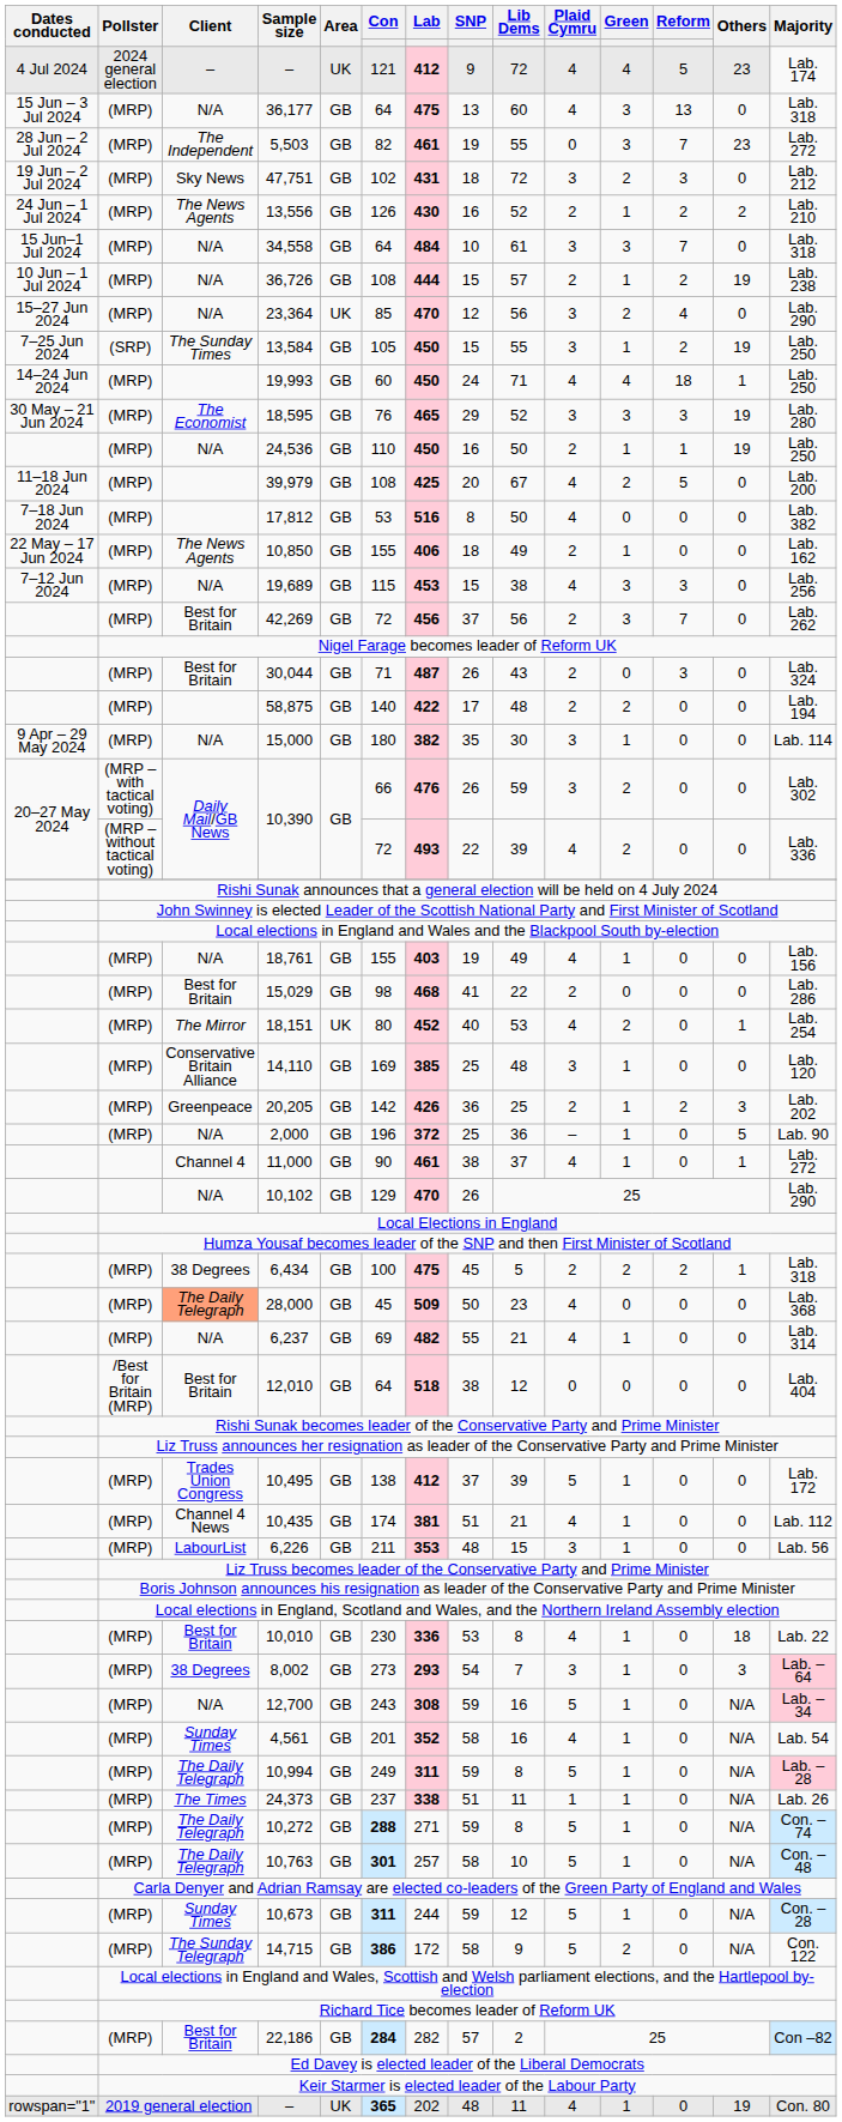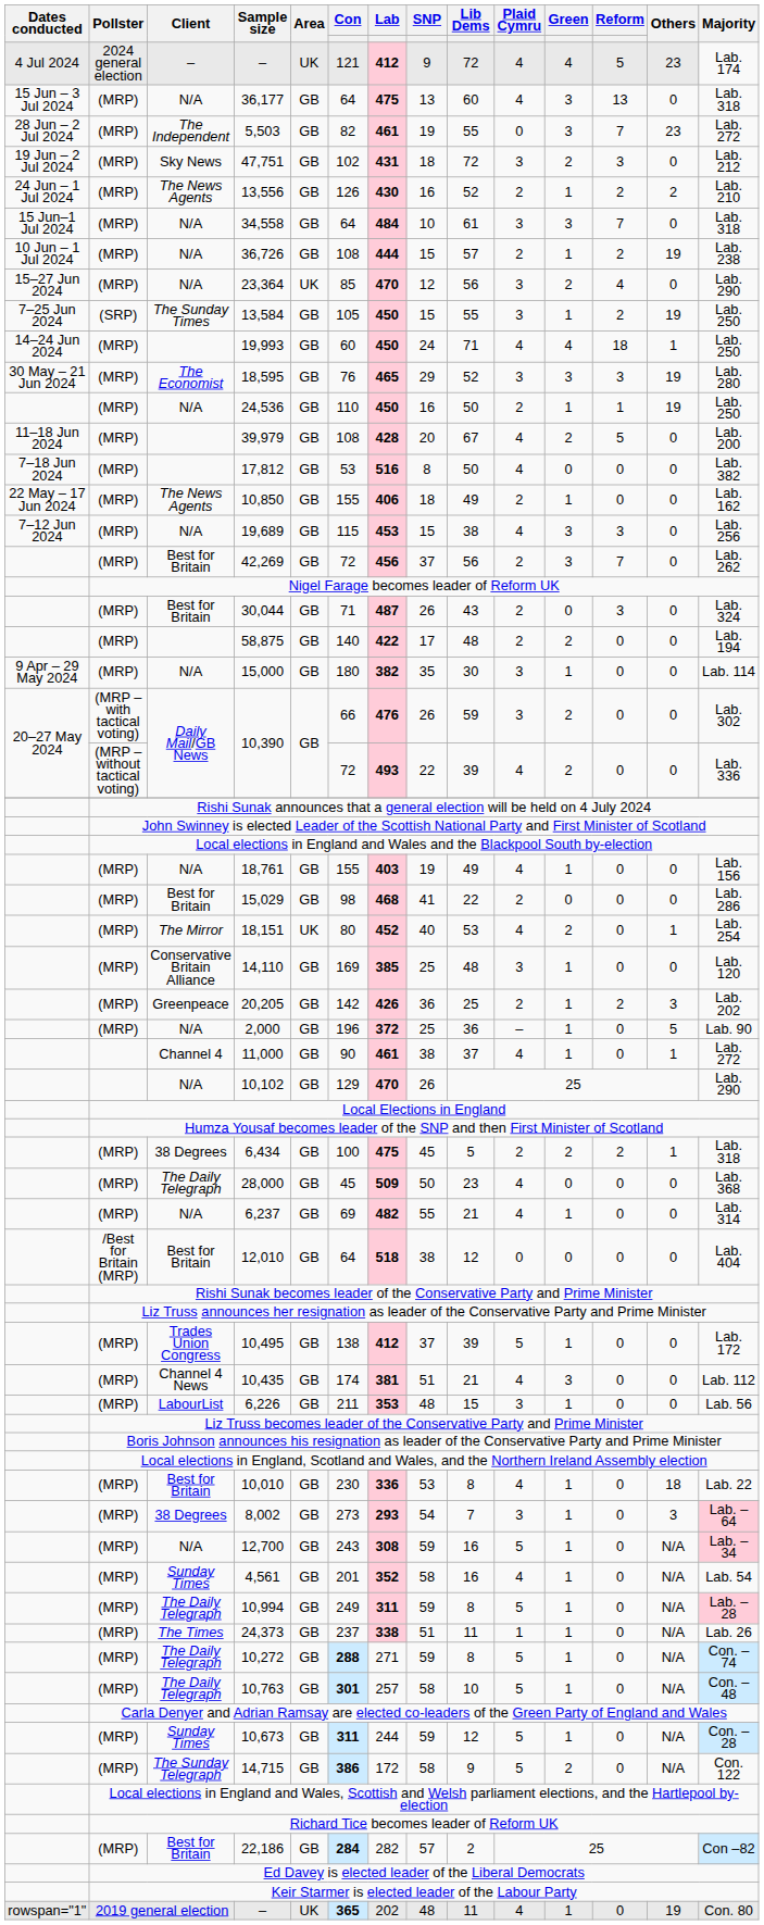 <table class="wikitable sortable mw-datatable" style="text-align:center;  line-height:14px;">
 <tr>
 <th rowspan="2">Dates<br>conducted</th>
 <th rowspan="2">Pollster</th>
 <th rowspan="2">Client</th>
 <th rowspan="2" data-sort-type="number">Sample<br>size</th>
 <th rowspan="2">Area</th>
 <th class="unsortable" style="width:50px;"><a href='#'>Con</a></th>
 <th class="unsortable" style="width:50px;"><a href='#'>Lab</a></th>
 <th class="unsortable" style="width:50px;"><a href='#'>SNP</a></th>
 <th class="unsortable" style="width:50px;"><a href='#'>Lib Dems</a></th>
 <th class="unsortable" style="width:50px;"><a href='#'>Plaid Cymru</a></th>
 <th class="unsortable" style="width:50px;"><a href='#'>Green</a></th>
 <th class="unsortable"><a href='#'>Reform</a></th>
 <th rowspan="2" class="unsortable">Others</th>
 <th rowspan="2" data-sort-type="number">Majority</th>
 </tr>
 <tr>
 <th data-sort-type="number" style="background:"></th>
 <th data-sort-type="number" style="background:"></th>
 <th data-sort-type="number" style="background:"></th>
 <th data-sort-type="number" style="background:"></th>
 <th data-sort-type="number" style="background:"></th>
 <th data-sort-type="number" style="background:"></th>
 <th data-sort-type="number" style="background:"></th>
 </tr>
 <tr>
 <td style="background:#e9e9e9;">4 Jul 2024</td>
 <td style="background:#e9e9e9;">2024 general election</td>
 <td style="background:#e9e9e9;">–</td>
 <td style="background:#e9e9e9;">–</td>
 <td style="background:#e9e9e9;">UK</td>
 <td style="background:#e9e9e9;">121</td>
 <td style="background:#ffccd9;"><strong>412</strong></td>
 <td style="background:#e9e9e9;">9</td>
 <td style="background:#e9e9e9;">72</td>
 <td style="background:#e9e9e9;">4</td>
 <td style="background:#e9e9e9;">4</td>
 <td style="background:#e9e9e9;">5</td>
 <td style="background:#e9e9e9;">23</td>
 <td style="background:">Lab. 174</td>
 </tr>
 <tr>
 <td data-sort-value="2024-07-03">15 Jun – 3 Jul 2024</td>
 <td> (MRP)</td>
 <td>N/A</td>
 <td>36,177</td>
 <td>GB</td>
 <td>64</td>
 <td style="background:#ffccd9;"><strong>475</strong></td>
 <td>13</td>
 <td>60</td>
 <td>4</td>
 <td>3</td>
 <td>13</td>
 <td>0</td>
 <td style="background:">Lab. 318</td>
 </tr>
 <tr>
 <td data-sort-value="2024-07-03">28 Jun – 2 Jul 2024</td>
 <td> (MRP)</td>
 <td><em>The Independent</em></td>
 <td>5,503</td>
 <td>GB</td>
 <td>82</td>
 <td style="background:#ffccd9;"><strong>461</strong></td>
 <td>19</td>
 <td>55</td>
 <td>0</td>
 <td>3</td>
 <td>7</td>
 <td>23</td>
 <td style="background:">Lab. 272</td>
 </tr>
 <tr>
 <td data-sort-value="2024-07-02">19 Jun – 2 Jul 2024</td>
 <td> (MRP)</td>
 <td>Sky News</td>
 <td>47,751</td>
 <td>GB</td>
 <td>102</td>
 <td style="background:#ffccd9;"><strong>431</strong></td>
 <td>18</td>
 <td>72</td>
 <td>3</td>
 <td>2</td>
 <td>3</td>
 <td>0</td>
 <td style="background:">Lab. 212</td>
 </tr>
 <tr>
 <td data-sort-value="2024-07-101">24 Jun – 1 Jul 2024</td>
 <td> (MRP)</td>
 <td><em>The News Agents</em></td>
 <td>13,556</td>
 <td>GB</td>
 <td>126</td>
 <td style="background:#ffccd9;"><strong>430</strong></td>
 <td>16</td>
 <td>52</td>
 <td>2</td>
 <td>1</td>
 <td>2</td>
 <td>2</td>
 <td style="background:">Lab. 210</td>
 </tr>
 <tr>
 <td data-sort-value="2024-07-02">15 Jun–1 Jul 2024</td>
 <td> (MRP)</td>
 <td>N/A</td>
 <td>34,558</td>
 <td>GB</td>
 <td>64</td>
 <td style="background:#ffccd9;"><strong>484</strong></td>
 <td>10</td>
 <td>61</td>
 <td>3</td>
 <td>3</td>
 <td>7</td>
 <td>0</td>
 <td style="background:">Lab. 318</td>
 </tr>
 <tr>
 <td data-sort-value="2024-07-01">10 Jun – 1 Jul 2024</td>
 <td> (MRP)</td>
 <td>N/A</td>
 <td>36,726</td>
 <td>GB</td>
 <td>108</td>
 <td style="background:#ffccd9;"><strong>444</strong></td>
 <td>15</td>
 <td>57</td>
 <td>2</td>
 <td>1</td>
 <td>2</td>
 <td>19</td>
 <td style="background:">Lab. 238</td>
 </tr>
 <tr>
 <td data-sort-value="2024-06-28">15–27 Jun 2024</td>
 <td> (MRP)</td>
 <td>N/A</td>
 <td>23,364</td>
 <td>UK</td>
 <td>85</td>
 <td style="background:#ffccd9;"><strong>470</strong></td>
 <td>12</td>
 <td>56</td>
 <td>3</td>
 <td>2</td>
 <td>4</td>
 <td>0</td>
 <td style="background:">Lab. 290</td>
 </tr>
 <tr>
 <td data-sort-value="2024-06-25">7–25 Jun 2024</td>
 <td> (SRP)</td>
 <td><em>The Sunday Times</em></td>
 <td>13,584</td>
 <td>GB</td>
 <td>105</td>
 <td style="background:#ffccd9;"><strong>450</strong></td>
 <td>15</td>
 <td>55</td>
 <td>3</td>
 <td>1</td>
 <td>2</td>
 <td>19</td>
 <td style="background:">Lab. 250</td>
 </tr>
 <tr>
 <td data-sort-value="2024-06-24">14–24 Jun 2024</td>
 <td> (MRP)</td>
 <td><em></em></td>
 <td>19,993</td>
 <td>GB</td>
 <td>60</td>
 <td style="background:#ffccd9;"><strong>450</strong></td>
 <td>24</td>
 <td>71</td>
 <td>4</td>
 <td>4</td>
 <td>18</td>
 <td>1</td>
 <td style="background:">Lab. 250</td>
 </tr>
 <tr>
 <td data-sort-value="2024-06-21">30 May – 21 Jun 2024</td>
 <td> (MRP)</td>
 <td><em><a href='#'>The Economist</a></em></td>
 <td>18,595</td>
 <td>GB</td>
 <td>76</td>
 <td style="background:#ffccd9;"><strong>465</strong></td>
 <td>29</td>
 <td>52</td>
 <td>3</td>
 <td>3</td>
 <td>3</td>
 <td>19</td>
 <td style="background:">Lab. 280</td>
 </tr>
 <tr>
 <td></td>
 <td> (MRP)</td>
 <td>N/A</td>
 <td>24,536</td>
 <td>GB</td>
 <td>110</td>
 <td style="background:#ffccd9;"><strong>450</strong></td>
 <td>16</td>
 <td>50</td>
 <td>2</td>
 <td>1</td>
 <td>1</td>
 <td>19</td>
 <td style="background:">Lab. 250</td>
 </tr>
 <tr>
 <td data-sort-value="2024-06-18">11–18 Jun 2024</td>
 <td> (MRP)</td>
 <td></td>
 <td>39,979</td>
 <td>GB</td>
 <td>108</td>
-<td style="background:#ffccd9;"><strong>425</strong></td>
+<td style="background:#ffccd9;"><strong>428</strong></td>
 <td>20</td>
 <td>67</td>
 <td>4</td>
 <td>2</td>
 <td>5</td>
 <td>0</td>
 <td style="background:">Lab. 200</td>
 </tr>
 <tr>
 <td data-sort-value="2024-06-18">7–18 Jun 2024</td>
 <td> (MRP)</td>
 <td><em></em></td>
 <td>17,812</td>
 <td>GB</td>
 <td>53</td>
 <td style="background:#ffccd9;"><strong>516</strong></td>
 <td>8</td>
 <td>50</td>
 <td>4</td>
 <td>0</td>
 <td>0</td>
 <td>0</td>
 <td style="background:">Lab. 382</td>
 </tr>
 <tr>
 <td data-sort-value="2024-06-18">22 May – 17 Jun 2024</td>
 <td> (MRP)</td>
 <td><em>The News Agents</em></td>
 <td>10,850</td>
 <td>GB</td>
 <td>155</td>
 <td style="background:#ffccd9;"><strong>406</strong></td>
 <td>18</td>
 <td>49</td>
 <td>2</td>
 <td>1</td>
 <td>0</td>
 <td>0</td>
 <td style="background:">Lab. 162</td>
 </tr>
 <tr>
 <td data-sort-value="2024-06-18">7–12 Jun 2024</td>
 <td> (MRP)</td>
 <td>N/A</td>
 <td>19,689</td>
 <td>GB</td>
 <td>115</td>
 <td style="background:#ffccd9;"><strong>453</strong></td>
 <td>15</td>
 <td>38</td>
 <td>4</td>
 <td>3</td>
 <td>3</td>
 <td>0</td>
 <td style="background:">Lab. 256</td>
 </tr>
 <tr>
 <td></td>
 <td> (MRP)</td>
 <td>Best for Britain</td>
 <td>42,269</td>
 <td>GB</td>
 <td>72</td>
 <td style="background:#ffccd9;"><strong>456</strong></td>
 <td>37</td>
 <td>56</td>
 <td>2</td>
 <td>3</td>
 <td>7</td>
 <td>0</td>
 <td style="background:">Lab. 262</td>
 </tr>
 <tr>
 <td></td>
 <td colspan="13"><a href='#'>Nigel Farage</a> becomes leader of  <a href='#'>Reform UK</a></td>
 </tr>
 <tr>
 <td></td>
 <td> (MRP)</td>
 <td>Best for Britain</td>
 <td>30,044</td>
 <td>GB</td>
 <td>71</td>
 <td style="background:#ffccd9;"><strong>487</strong></td>
 <td>26</td>
 <td>43</td>
 <td>2</td>
 <td>0</td>
 <td>3</td>
 <td>0</td>
 <td style="background:">Lab. 324</td>
 </tr>
 <tr>
 <td></td>
 <td> (MRP)</td>
 <td></td>
 <td>58,875</td>
 <td>GB</td>
 <td>140</td>
 <td style="background:#ffccd9;"><strong>422</strong></td>
 <td>17</td>
 <td>48</td>
 <td>2</td>
 <td>2</td>
 <td>0</td>
 <td>0</td>
 <td style="background:">Lab. 194</td>
 </tr>
 <tr>
 <td data-sort-value="2024-05-29">9 Apr – 29 May 2024</td>
 <td> (MRP)</td>
 <td>N/A</td>
 <td>15,000</td>
 <td>GB</td>
 <td>180</td>
 <td style="background:#ffccd9;"><strong>382</strong></td>
 <td>35</td>
 <td>30</td>
 <td>3</td>
 <td>1</td>
 <td>0</td>
 <td>0</td>
 <td style="background:">Lab. 114</td>
 </tr>
 <tr>
 <td rowspan="2" data-sort-value="2024-05-27">20–27 May 2024</td>
 <td> (MRP – with tactical voting)</td>
 <td rowspan="2"><em><a href='#'>Daily Mail</a></em>/<a href='#'>GB News</a></td>
 <td rowspan="2">10,390</td>
 <td rowspan="2">GB</td>
 <td>66</td>
 <td style="background:#ffccd9;"><strong>476</strong></td>
 <td>26</td>
 <td>59</td>
 <td>3</td>
 <td>2</td>
 <td>0</td>
 <td>0</td>
 <td style="background:">Lab. 302</td>
 </tr>
 <tr>
 <td> (MRP – without tactical voting)</td>
 <td>72</td>
 <td style="background:#ffccd9;"><strong>493</strong></td>
 <td>22</td>
 <td>39</td>
 <td>4</td>
 <td>2</td>
 <td>0</td>
 <td>0</td>
 <td style="background:">Lab. 336</td>
 </tr>
 <tr>
 </tr>
 <tr>
 <td></td>
 <td colspan="13"><a href='#'>Rishi Sunak</a> announces that a <a href='#'>general election</a> will be held on 4 July 2024</td>
 </tr>
 <tr>
 <td></td>
 <td colspan="13"><a href='#'>John Swinney</a> is elected <a href='#'>Leader of the Scottish National Party</a> and <a href='#'>First Minister of Scotland</a></td>
 </tr>
 <tr>
 <td></td>
 <td colspan="13"><a href='#'>Local elections</a> in England and Wales and the <a href='#'>Blackpool South by-election</a></td>
 </tr>
 <tr>
 <td></td>
 <td> (MRP)</td>
 <td>N/A</td>
 <td>18,761</td>
 <td>GB</td>
 <td>155</td>
 <td style="background:#ffccd9;"><strong>403</strong></td>
 <td>19</td>
 <td>49</td>
 <td>4</td>
 <td>1</td>
 <td>0</td>
 <td>0</td>
 <td style="background:">Lab. 156</td>
 </tr>
 <tr>
 <td></td>
 <td> (MRP)</td>
 <td>Best for Britain</td>
 <td>15,029</td>
 <td>GB</td>
 <td>98</td>
 <td style="background:#ffccd9;"><strong>468</strong></td>
 <td>41</td>
 <td>22</td>
 <td>2</td>
 <td>0</td>
 <td>0</td>
 <td>0</td>
 <td style="background:">Lab. 286</td>
 </tr>
 <tr>
 <td></td>
 <td> (MRP)</td>
 <td><em>The Mirror</em></td>
 <td>18,151</td>
 <td>UK</td>
 <td>80</td>
 <td style="background:#ffccd9;"><strong>452</strong></td>
 <td>40</td>
 <td>53</td>
 <td>4</td>
 <td>2</td>
 <td>0</td>
 <td>1</td>
 <td style="background:">Lab. 254</td>
 </tr>
 <tr>
 <td></td>
 <td> (MRP)</td>
 <td>Conservative Britain Alliance</td>
 <td>14,110</td>
 <td>GB</td>
 <td>169</td>
 <td style="background:#ffccd9;"><strong>385</strong></td>
 <td>25</td>
 <td>48</td>
 <td>3</td>
 <td>1</td>
 <td>0</td>
 <td>0</td>
 <td style="background:">Lab. 120</td>
 </tr>
 <tr>
 <td></td>
 <td> (MRP)</td>
 <td>Greenpeace</td>
 <td>20,205</td>
 <td>GB</td>
 <td>142</td>
 <td style="background:#ffccd9;"><strong>426</strong></td>
 <td>36</td>
 <td>25</td>
 <td>2</td>
 <td>1</td>
 <td>2</td>
 <td>3</td>
 <td style="background:">Lab. 202</td>
 </tr>
 <tr>
 <td></td>
 <td> (MRP)</td>
 <td>N/A</td>
 <td>2,000</td>
 <td>GB</td>
 <td>196</td>
 <td style="background:#ffccd9;"><strong>372</strong></td>
 <td>25</td>
 <td>36</td>
 <td>–</td>
 <td>1</td>
 <td>0</td>
 <td>5</td>
 <td style="background:">Lab. 90</td>
 </tr>
 <tr>
 <td></td>
 <td></td>
 <td>Channel 4</td>
 <td>11,000</td>
 <td>GB</td>
 <td>90</td>
 <td style="background:#ffccd9;"><strong>461</strong></td>
 <td>38</td>
 <td>37</td>
 <td>4</td>
 <td>1</td>
 <td>0</td>
 <td>1</td>
 <td style="background:">Lab. 272</td>
 </tr>
 <tr>
 <td></td>
 <td></td>
 <td>N/A</td>
 <td>10,102</td>
 <td>GB</td>
 <td>129</td>
 <td style="background:#ffccd9;"><strong>470</strong></td>
 <td>26</td>
 <td colspan="5">25</td>
 <td style="background:">Lab. 290</td>
 </tr>
 <tr>
 <td></td>
 <td colspan="13"><a href='#'>Local Elections in England</a></td>
 </tr>
 <tr>
 <td></td>
 <td colspan="13"><a href='#'>Humza Yousaf becomes leader</a> of the <a href='#'>SNP</a> and then <a href='#'>First Minister of Scotland</a></td>
 </tr>
 <tr>
 <td></td>
 <td> (MRP)</td>
 <td>38 Degrees</td>
 <td>6,434</td>
 <td>GB</td>
 <td>100</td>
 <td style="background:#ffccd9;"><strong>475</strong></td>
 <td>45</td>
 <td>5</td>
 <td>2</td>
 <td>2</td>
 <td>2</td>
 <td>1</td>
 <td style="background:">Lab. 318</td>
 </tr>
 <tr>
 <td></td>
 <td> (MRP)</td>
-<td style="background: lightsalmon;"><em>The Daily Telegraph</em></td>
+<td><em>The Daily Telegraph</em></td>
 <td>28,000</td>
 <td>GB</td>
 <td>45</td>
 <td style="background:#ffccd9;"><strong>509</strong></td>
 <td>50</td>
 <td>23</td>
 <td>4</td>
 <td>0</td>
 <td>0</td>
 <td>0</td>
 <td style="background:">Lab. 368</td>
 </tr>
 <tr>
 <td></td>
 <td> (MRP)</td>
 <td>N/A</td>
 <td>6,237</td>
 <td>GB</td>
 <td>69</td>
 <td style="background:#ffccd9;"><strong>482</strong></td>
 <td>55</td>
 <td>21</td>
 <td>4</td>
 <td>1</td>
 <td>0</td>
 <td>0</td>
 <td style="background:">Lab. 314</td>
 </tr>
 <tr>
 <td></td>
 <td>/Best for Britain (MRP)</td>
 <td>Best for Britain</td>
 <td>12,010</td>
 <td>GB</td>
 <td>64</td>
 <td style="background:#ffccd9;"><strong>518</strong></td>
 <td>38</td>
 <td>12</td>
 <td>0</td>
 <td>0</td>
 <td>0</td>
 <td>0</td>
 <td style="background:">Lab. 404</td>
 </tr>
 <tr>
 <td></td>
 <td colspan="13"><a href='#'>Rishi Sunak becomes leader</a> of the <a href='#'>Conservative Party</a> and <a href='#'>Prime Minister</a></td>
 </tr>
 <tr>
 <td></td>
 <td colspan="13"><a href='#'>Liz Truss</a> <a href='#'>announces her resignation</a> as leader of the Conservative Party and Prime Minister</td>
 </tr>
 <tr>
 <td></td>
 <td> (MRP)</td>
 <td><a href='#'>Trades Union Congress</a></td>
 <td>10,495</td>
 <td>GB</td>
 <td>138</td>
 <td style="background:#ffccd9;"><strong>412</strong></td>
 <td>37</td>
 <td>39</td>
 <td>5</td>
 <td>1</td>
 <td>0</td>
 <td>0</td>
 <td style="background:">Lab. 172</td>
 </tr>
 <tr>
 <td></td>
 <td> (MRP)</td>
 <td>Channel 4 News</td>
 <td>10,435</td>
 <td>GB</td>
 <td>174</td>
 <td style="background:#ffccd9;"><strong>381</strong></td>
 <td>51</td>
 <td>21</td>
 <td>4</td>
-<td>1</td>
+<td>3</td>
 <td>0</td>
 <td>0</td>
 <td style="background:">Lab. 112</td>
 </tr>
 <tr>
 <td></td>
 <td> (MRP)</td>
 <td><a href='#'>LabourList</a></td>
 <td>6,226</td>
 <td>GB</td>
 <td>211</td>
 <td style="background:#ffccd9;"><strong>353</strong></td>
 <td>48</td>
 <td>15</td>
 <td>3</td>
 <td>1</td>
 <td>0</td>
 <td>0</td>
 <td style="background:">Lab. 56</td>
 </tr>
 <tr>
 <td></td>
 <td colspan="13"><a href='#'>Liz Truss becomes leader of the Conservative Party</a> and <a href='#'>Prime Minister</a></td>
 </tr>
 <tr>
 <td></td>
 <td colspan="13"><a href='#'>Boris Johnson</a> <a href='#'>announces his resignation</a> as leader of the Conservative Party and Prime Minister</td>
 </tr>
 <tr>
 <td></td>
 <td colspan="13"><a href='#'>Local elections</a> in England, Scotland and Wales, and the <a href='#'>Northern Ireland Assembly election</a></td>
 </tr>
 <tr>
 <td></td>
 <td> (MRP)</td>
 <td><a href='#'>Best for Britain</a></td>
 <td>10,010</td>
 <td>GB</td>
 <td>230</td>
 <td style="background:#ffccd9;"><strong>336</strong></td>
 <td>53</td>
 <td>8</td>
 <td>4</td>
 <td>1</td>
 <td>0</td>
 <td>18</td>
 <td style="background:">Lab. 22</td>
 </tr>
 <tr>
 <td></td>
 <td> (MRP)</td>
 <td><a href='#'>38 Degrees</a></td>
 <td>8,002</td>
 <td>GB</td>
 <td>273</td>
 <td style="background:#ffccd9;"><strong>293</strong></td>
 <td>54</td>
 <td>7</td>
 <td>3</td>
 <td>1</td>
 <td>0</td>
 <td>3</td>
 <td style="background:#ffccd9;" data-sort-value="-64">Lab. –64</td>
 </tr>
 <tr>
 <td></td>
 <td> (MRP)</td>
 <td>N/A</td>
 <td>12,700</td>
 <td>GB</td>
 <td>243</td>
 <td style="background:#ffccd9;"><strong>308</strong></td>
 <td>59</td>
 <td>16</td>
 <td>5</td>
 <td>1</td>
 <td>0</td>
 <td>N/A</td>
 <td style="background:#ffccd9;" data-sort-value="-34">Lab. –34</td>
 </tr>
 <tr>
 <td></td>
 <td> (MRP)</td>
 <td><em><a href='#'>Sunday Times</a></em></td>
 <td>4,561</td>
 <td>GB</td>
 <td>201</td>
 <td style="background:#ffccd9;"><strong>352</strong></td>
 <td>58</td>
 <td>16</td>
 <td>4</td>
 <td>1</td>
 <td>0</td>
 <td>N/A</td>
 <td style="background:">Lab. 54</td>
 </tr>
 <tr>
 <td></td>
 <td> (MRP)</td>
 <td><em><a href='#'>The Daily Telegraph</a></em></td>
 <td>10,994</td>
 <td>GB</td>
 <td>249</td>
 <td style="background:#ffccd9;"><strong>311</strong></td>
 <td>59</td>
 <td>8</td>
 <td>5</td>
 <td>1</td>
 <td>0</td>
 <td>N/A</td>
 <td style="background:#ffccd9;" data-sort-value="-15">Lab. –28</td>
 </tr>
 <tr>
 <td></td>
 <td> (MRP)</td>
 <td><em><a href='#'>The Times</a></em></td>
 <td>24,373</td>
 <td>GB</td>
 <td>237</td>
 <td style="background:#ffccd9;"><strong>338</strong></td>
 <td>51</td>
 <td>11</td>
 <td>1</td>
 <td>1</td>
 <td>0</td>
 <td>N/A</td>
 <td style="background:">Lab. 26</td>
 </tr>
 <tr>
 <td></td>
 <td> (MRP)</td>
 <td><em><a href='#'>The Daily Telegraph</a></em></td>
 <td>10,272</td>
 <td>GB</td>
 <td style="background:#ccebff;"><strong>288</strong></td>
 <td>271</td>
 <td>59</td>
 <td>8</td>
 <td>5</td>
 <td>1</td>
 <td>0</td>
 <td>N/A</td>
 <td style="background:#ccebff;" data-sort-value="-48">Con. –74</td>
 </tr>
 <tr>
 <td></td>
 <td> (MRP)</td>
 <td><em><a href='#'>The Daily Telegraph</a></em></td>
 <td>10,763</td>
 <td>GB</td>
 <td style="background:#ccebff;"><strong>301</strong></td>
 <td>257</td>
 <td>58</td>
 <td>10</td>
 <td>5</td>
 <td>1</td>
 <td>0</td>
 <td>N/A</td>
 <td style="background:#ccebff;" data-sort-value="-48">Con. –48</td>
 </tr>
 <tr>
 <td></td>
 <td colspan="13"><a href='#'>Carla Denyer</a> and <a href='#'>Adrian Ramsay</a> are <a href='#'>elected co-leaders</a> of the <a href='#'>Green Party of England and Wales</a></td>
 </tr>
 <tr>
 <td></td>
 <td> (MRP)</td>
 <td><em><a href='#'>Sunday Times</a></em></td>
 <td>10,673</td>
 <td>GB</td>
 <td style="background:#ccebff;"><strong>311</strong></td>
 <td>244</td>
 <td>59</td>
 <td>12</td>
 <td>5</td>
 <td>1</td>
 <td>0</td>
 <td>N/A</td>
 <td style="background:#ccebff;" data-sort-value="-28">Con. –28</td>
 </tr>
 <tr>
 <td></td>
 <td> (MRP)</td>
 <td><em><a href='#'>The Sunday Telegraph</a></em></td>
 <td>14,715</td>
 <td>GB</td>
 <td style="background:#ccebff;"><strong>386</strong></td>
 <td>172</td>
 <td>58</td>
 <td>9</td>
 <td>5</td>
 <td>2</td>
 <td>0</td>
 <td>N/A</td>
 <td style="background:">Con. 122</td>
 </tr>
 <tr>
 <td></td>
 <td colspan="13"><a href='#'>Local elections</a> in England and Wales, <a href='#'>Scottish</a> and <a href='#'>Welsh</a> parliament elections, and the <a href='#'>Hartlepool by-election</a></td>
 </tr>
 <tr>
 <td></td>
 <td colspan="13"><a href='#'>Richard Tice</a> becomes leader of <a href='#'>Reform UK</a></td>
 </tr>
 <tr>
 <td></td>
 <td> (MRP)</td>
 <td><a href='#'>Best for Britain</a></td>
 <td>22,186</td>
 <td>GB</td>
 <td style="background:#ccebff;"><strong>284</strong></td>
 <td>282</td>
 <td>57</td>
 <td>2</td>
 <td colspan="4">25</td>
 <td style="background:#ccebff;" data-sort-value="-82">Con –82</td>
 </tr>
 <tr>
 <td></td>
 <td colspan="13"><a href='#'>Ed Davey</a> is <a href='#'>elected leader</a> of the <a href='#'>Liberal Democrats</a></td>
 </tr>
 <tr>
 <td></td>
 <td colspan="13"><a href='#'>Keir Starmer</a> is <a href='#'>elected leader</a> of the <a href='#'>Labour Party</a></td>
 </tr>
 <tr style="background:#e9e9e9;">
 <td>rowspan="1" </td>
 <td colspan="2" rowspan="1"><a href='#'>2019 general election</a></td>
 <td>–</td>
 <td>UK</td>
 <td style="background:#ccebff;"><strong>365</strong></td>
 <td>202</td>
 <td>48</td>
 <td>11</td>
 <td>4</td>
 <td>1</td>
 <td>0</td>
 <td>19</td>
 <td style="background:">Con. 80</td>
 </tr>
 </table>
